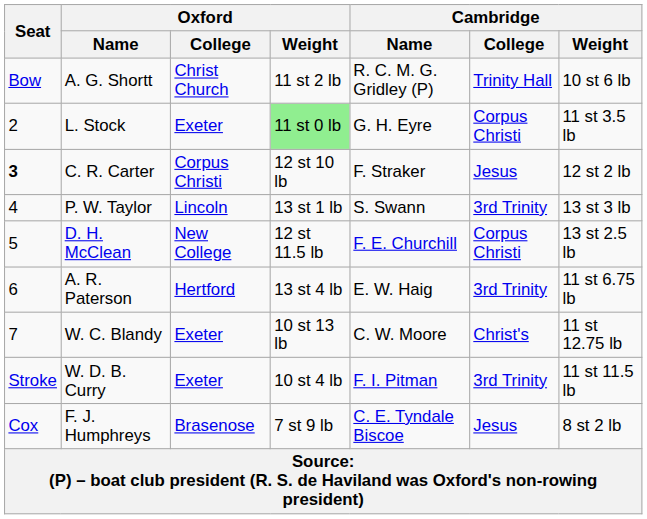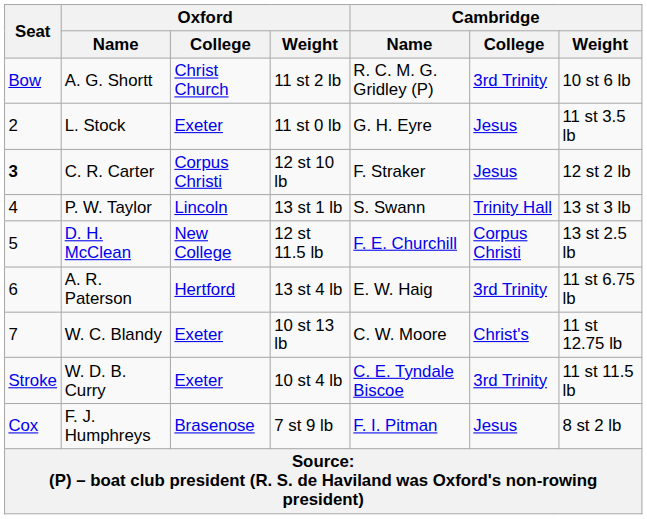 <table class="wikitable">
 <tr>
 <th rowspan="2" scope="col">Seat</th>
 <th colspan="3" scope="col">Oxford <br> </th>
 <th colspan="3" scope="col">Cambridge <br> </th>
 </tr>
 <tr>
 <th>Name</th>
 <th>College</th>
 <th>Weight</th>
 <th>Name</th>
 <th>College</th>
 <th>Weight</th>
 </tr>
 <tr>
 <td><a href='#'>Bow</a></td>
 <td>A. G. Shortt</td>
 <td><a href='#'>Christ Church</a></td>
 <td>11 st 2 lb</td>
 <td>R. C. M. G. Gridley (P)</td>
-<td><a href='#'>Trinity Hall</a></td>
+<td><a href='#'>3rd Trinity</a></td>
 <td>10 st 6 lb</td>
 </tr>
 <tr>
 <td>2</td>
 <td>L. Stock</td>
 <td><a href='#'>Exeter</a></td>
-<td style="background: lightgreen;">11 st 0 lb</td>
+<td>11 st 0 lb</td>
 <td>G. H. Eyre</td>
-<td><a href='#'>Corpus Christi</a></td>
+<td><a href='#'>Jesus</a></td>
 <td>11 st 3.5 lb</td>
 </tr>
 <tr>
 <td><strong>3</strong></td>
 <td>C. R. Carter</td>
 <td><a href='#'>Corpus Christi</a></td>
 <td>12 st 10 lb</td>
 <td>F. Straker</td>
 <td><a href='#'>Jesus</a></td>
 <td>12 st 2 lb</td>
 </tr>
 <tr>
 <td>4</td>
 <td>P. W. Taylor</td>
 <td><a href='#'>Lincoln</a></td>
 <td>13 st 1 lb</td>
 <td>S. Swann</td>
-<td><a href='#'>3rd Trinity</a></td>
+<td><a href='#'>Trinity Hall</a></td>
 <td>13 st 3 lb</td>
 </tr>
 <tr>
 <td>5</td>
 <td><a href='#'>D. H. McClean</a></td>
 <td><a href='#'>New College</a></td>
 <td>12 st 11.5 lb</td>
 <td><a href='#'>F. E. Churchill</a></td>
 <td><a href='#'>Corpus Christi</a></td>
 <td>13 st 2.5 lb</td>
 </tr>
 <tr>
 <td>6</td>
 <td>A. R. Paterson</td>
 <td><a href='#'>Hertford</a></td>
 <td>13 st 4 lb</td>
 <td>E. W. Haig</td>
 <td><a href='#'>3rd Trinity</a></td>
 <td>11 st 6.75 lb</td>
 </tr>
 <tr>
 <td>7</td>
 <td>W. C. Blandy</td>
 <td><a href='#'>Exeter</a></td>
 <td>10 st 13 lb</td>
 <td>C. W. Moore</td>
 <td><a href='#'>Christ's</a></td>
 <td>11 st 12.75 lb</td>
 </tr>
 <tr>
 <td><a href='#'>Stroke</a></td>
 <td>W. D. B. Curry</td>
 <td><a href='#'>Exeter</a></td>
 <td>10 st 4 lb</td>
-<td><a href='#'>F. I. Pitman</a></td>
+<td><a href='#'>C. E. Tyndale Biscoe</a></td>
 <td><a href='#'>3rd Trinity</a></td>
 <td>11 st 11.5 lb</td>
 </tr>
 <tr>
 <td><a href='#'>Cox</a></td>
 <td>F. J. Humphreys</td>
 <td><a href='#'>Brasenose</a></td>
 <td>7 st 9 lb</td>
-<td><a href='#'>C. E. Tyndale Biscoe</a></td>
+<td><a href='#'>F. I. Pitman</a></td>
 <td><a href='#'>Jesus</a></td>
 <td>8 st 2 lb</td>
 </tr>
 <tr>
 <th colspan="7">Source:<br>(P) – boat club president (R. S. de Haviland was Oxford's non-rowing president)</th>
 </tr>
 </table>
